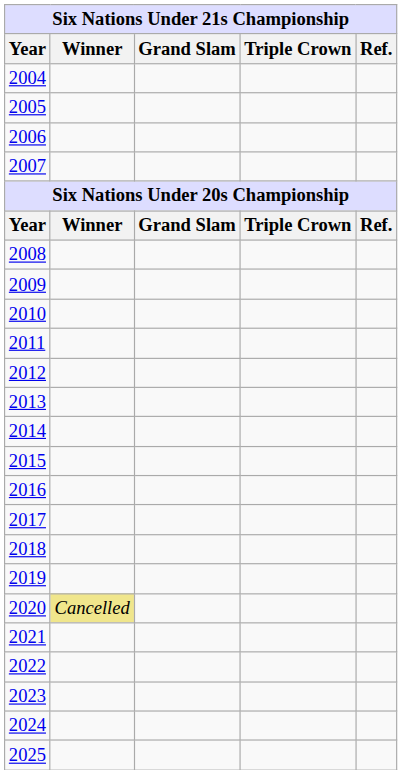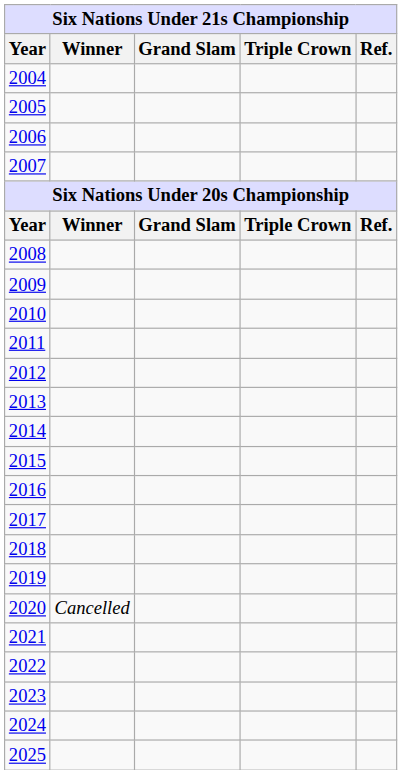 <table class="wikitable">
 <tr>
 <th style="background:#ddddff" colspan=5>Six Nations Under 21s Championship</th>
 </tr>
 <tr>
 <th>Year</th>
 <th>Winner</th>
 <th>Grand Slam</th>
 <th>Triple Crown</th>
 <th>Ref.</th>
 </tr>
 <tr>
 <td><a href='#'>2004</a></td>
 <td></td>
 <td></td>
 <td></td>
 <td></td>
 </tr>
 <tr>
 <td><a href='#'>2005</a></td>
 <td></td>
 <td></td>
 <td></td>
 <td></td>
 </tr>
 <tr>
 <td><a href='#'>2006</a></td>
 <td></td>
 <td></td>
 <td></td>
 <td></td>
 </tr>
 <tr>
 <td><a href='#'>2007</a></td>
 <td></td>
 <td></td>
 <td></td>
 <td></td>
 </tr>
 <tr>
 <th style="background:#ddddff" colspan=5>Six Nations Under 20s Championship</th>
 </tr>
 <tr>
 <th>Year</th>
 <th>Winner</th>
 <th>Grand Slam</th>
 <th>Triple Crown</th>
 <th>Ref.</th>
 </tr>
 <tr>
 <td><a href='#'>2008</a></td>
 <td></td>
 <td></td>
 <td></td>
 <td></td>
 </tr>
 <tr>
 <td><a href='#'>2009</a></td>
 <td></td>
 <td></td>
 <td></td>
 <td></td>
 </tr>
 <tr>
 <td><a href='#'>2010</a></td>
 <td></td>
 <td></td>
 <td></td>
 <td></td>
 </tr>
 <tr>
 <td><a href='#'>2011</a></td>
 <td></td>
 <td></td>
 <td></td>
 <td></td>
 </tr>
 <tr>
 <td><a href='#'>2012</a></td>
 <td></td>
 <td></td>
 <td></td>
 <td></td>
 </tr>
 <tr>
 <td><a href='#'>2013</a></td>
 <td></td>
 <td></td>
 <td></td>
 <td></td>
 </tr>
 <tr>
 <td><a href='#'>2014</a></td>
 <td></td>
 <td></td>
 <td></td>
 <td></td>
 </tr>
 <tr>
 <td><a href='#'>2015</a></td>
 <td></td>
 <td></td>
 <td></td>
 <td></td>
 </tr>
 <tr>
 <td><a href='#'>2016</a></td>
 <td></td>
 <td></td>
 <td></td>
 <td></td>
 </tr>
 <tr>
 <td><a href='#'>2017</a></td>
 <td></td>
 <td></td>
 <td></td>
 <td></td>
 </tr>
 <tr>
 <td><a href='#'>2018</a></td>
 <td></td>
 <td></td>
 <td></td>
 <td></td>
 </tr>
 <tr>
 <td><a href='#'>2019</a></td>
 <td></td>
 <td></td>
 <td></td>
 <td></td>
 </tr>
 <tr>
 <td><a href='#'>2020</a></td>
-<td style="background: khaki;"><em>Cancelled</em></td>
+<td><em>Cancelled</em></td>
 <td></td>
 <td></td>
 <td></td>
 </tr>
 <tr>
 <td><a href='#'>2021</a></td>
 <td></td>
 <td></td>
 <td></td>
 <td></td>
 </tr>
 <tr>
 <td><a href='#'>2022</a></td>
 <td></td>
 <td></td>
 <td></td>
 <td></td>
 </tr>
 <tr>
 <td><a href='#'>2023</a></td>
 <td></td>
 <td></td>
 <td></td>
 <td></td>
 </tr>
 <tr>
 <td><a href='#'>2024</a></td>
 <td></td>
 <td></td>
 <td></td>
 <td></td>
 </tr>
 <tr>
 <td><a href='#'>2025</a></td>
 <td></td>
 <td></td>
 <td></td>
 <td></td>
 </tr>
 </table>
